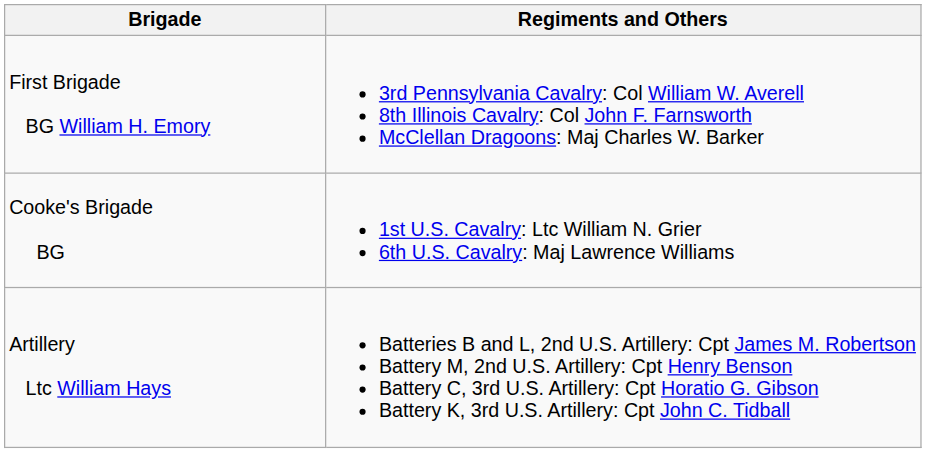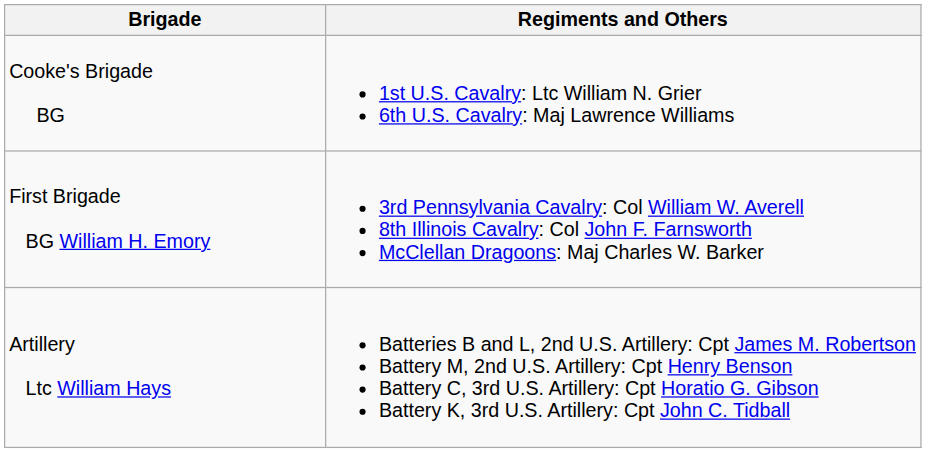 <table class="wikitable">
 <tr>
 <th style="width:35%;">Brigade</th>
 <th>Regiments and Others</th>
 </tr>
 <tr>
+<td>Cooke's Brigade<br><br>     BG </td>
+<td><br><ul><li><a href='#'>1st U.S. Cavalry</a>: Ltc William N. Grier</li><li><a href='#'>6th U.S. Cavalry</a>: Maj Lawrence Williams</li></ul></td>
+</tr>
+<tr>
 <td>First Brigade<br><br>   BG <a href='#'>William H. Emory</a></td>
 <td><br><ul><li><a href='#'>3rd Pennsylvania Cavalry</a>: Col <a href='#'>William W. Averell</a></li><li><a href='#'>8th Illinois Cavalry</a>: Col <a href='#'>John F. Farnsworth</a></li><li><a href='#'>McClellan Dragoons</a>: Maj Charles W. Barker</li></ul></td>
-</tr>
-<tr>
-<td>Cooke's Brigade<br><br>     BG </td>
-<td><br><ul><li><a href='#'>1st U.S. Cavalry</a>: Ltc William N. Grier</li><li><a href='#'>6th U.S. Cavalry</a>: Maj Lawrence Williams</li></ul></td>
 </tr>
 <tr>
 <td>Artillery<br><br>   Ltc <a href='#'>William Hays</a></td>
 <td><br><ul><li>Batteries B and L, 2nd U.S. Artillery: Cpt <a href='#'>James M. Robertson</a></li><li>Battery M, 2nd U.S. Artillery: Cpt <a href='#'>Henry Benson</a></li><li>Battery C, 3rd U.S. Artillery: Cpt <a href='#'>Horatio G. Gibson</a></li><li>Battery K, 3rd U.S. Artillery: Cpt <a href='#'>John C. Tidball</a></li></ul></td>
 </tr>
 </table>
